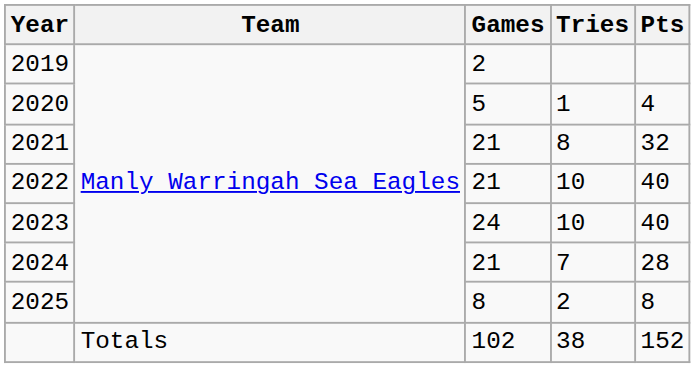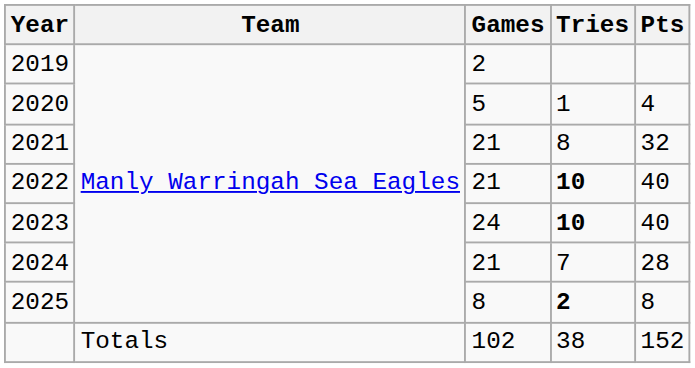 <table class="wikitable">
 <tr>
 <th>Year</th>
 <th>Team</th>
 <th>Games</th>
 <th>Tries</th>
 <th>Pts</th>
 </tr>
 <tr>
 <td>2019</td>
 <td rowspan="7"> <a href='#'>Manly Warringah Sea Eagles</a></td>
 <td>2</td>
 <td></td>
 <td></td>
 </tr>
 <tr>
 <td>2020</td>
 <td>5</td>
 <td>1</td>
 <td>4</td>
 </tr>
 <tr>
 <td>2021</td>
 <td>21</td>
 <td>8</td>
 <td>32</td>
 </tr>
 <tr>
 <td>2022</td>
 <td>21</td>
-<td>10</td>
+<td><strong>10</strong></td>
 <td>40</td>
 </tr>
 <tr>
 <td>2023</td>
 <td>24</td>
-<td>10</td>
+<td><strong>10</strong></td>
 <td>40</td>
 </tr>
 <tr>
 <td>2024</td>
 <td>21</td>
 <td>7</td>
 <td>28</td>
 </tr>
 <tr>
 <td>2025</td>
 <td>8</td>
-<td>2</td>
+<td><strong>2</strong></td>
 <td>8</td>
 </tr>
 <tr>
 <td></td>
 <td>Totals</td>
 <td>102</td>
 <td>38</td>
 <td>152</td>
 </tr>
 </table>
